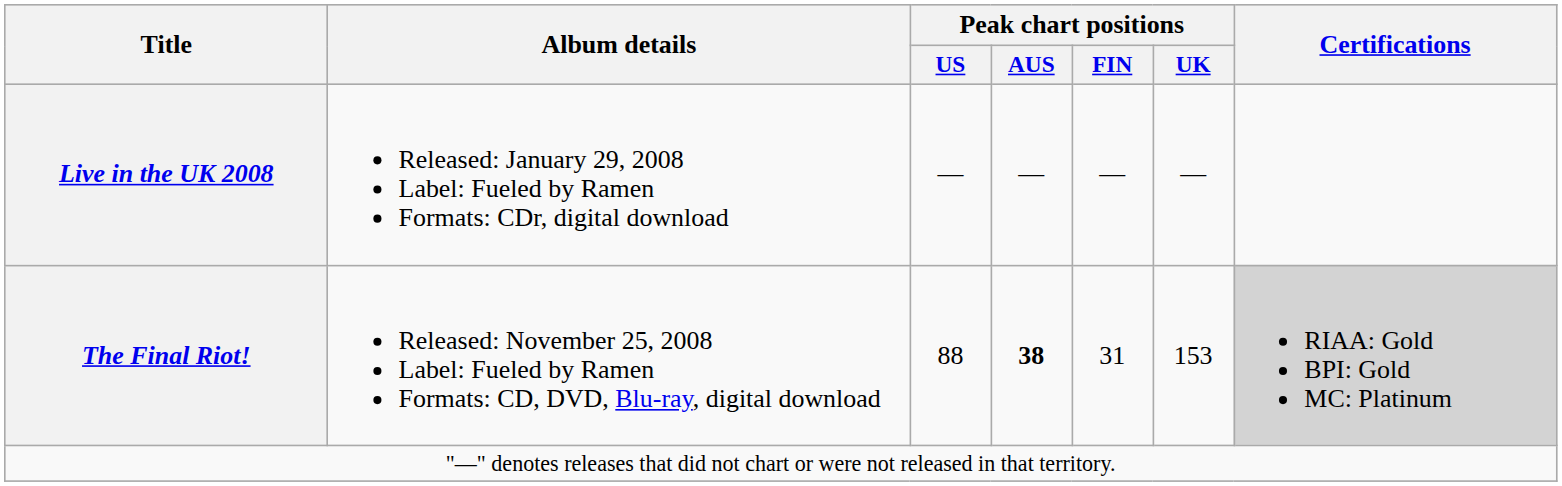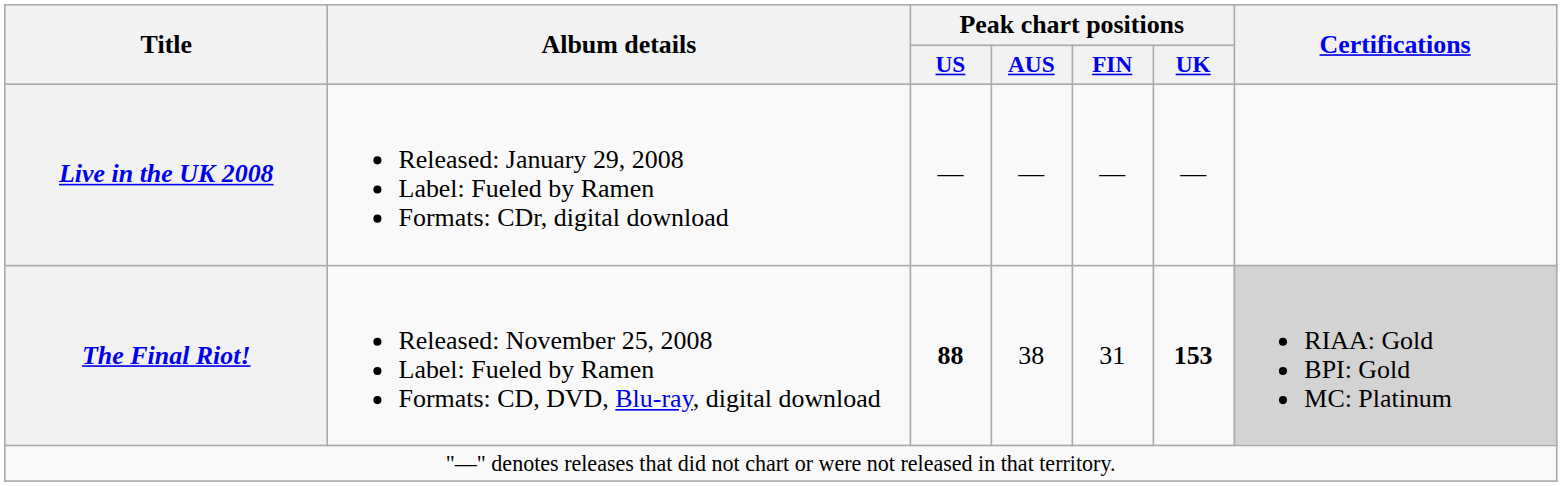 <table class="wikitable plainrowheaders" style="text-align:center;" id="livealbumstable">
 <tr>
 <th scope="col" rowspan="2" style="width:12em;">Title</th>
 <th scope="col" rowspan="2" style="width:22em;">Album details</th>
 <th scope="col" colspan="4">Peak chart positions</th>
 <th scope="col" rowspan="2" style="width:12em;"><a href='#'>Certifications</a></th>
 </tr>
 <tr>
 <th scope="col" style="width:3em;font-size:90%;"><a href='#'>US</a><br></th>
 <th scope="col" style="width:3em;font-size:90%;"><a href='#'>AUS</a><br></th>
 <th scope="col" style="width:3em;font-size:90%;"><a href='#'>FIN</a><br></th>
 <th scope="col" style="width:3em;font-size:90%;"><a href='#'>UK</a><br></th>
 </tr>
 <tr>
 <th scope="row"><em><a href='#'>Live in the UK 2008</a></em></th>
 <td style="text-align:left;"><br><ul><li>Released: January 29, 2008</li><li>Label: Fueled by Ramen</li><li>Formats: CDr, digital download</li></ul></td>
 <td>—</td>
 <td>—</td>
 <td>—</td>
 <td>—</td>
 <td style="text-align:left;"></td>
 </tr>
 <tr>
 <th scope="row"><em><a href='#'>The Final Riot!</a></em></th>
 <td style="text-align:left;"><br><ul><li>Released: November 25, 2008</li><li>Label: Fueled by Ramen</li><li>Formats: CD, DVD, <a href='#'>Blu-ray</a>, digital download</li></ul></td>
-<td>88</td>
-<td><strong>38</strong></td>
+<td><strong>88</strong></td>
+<td>38</td>
 <td>31</td>
-<td>153</td>
+<td><strong>153</strong></td>
 <td style="background: lightgrey; text-align:left;"><br><ul><li>RIAA: Gold</li><li>BPI: Gold</li><li>MC: Platinum</li></ul></td>
 </tr>
 <tr>
 <td colspan="14" style="font-size:85%">"—" denotes releases that did not chart or were not released in that territory.</td>
 </tr>
 </table>
